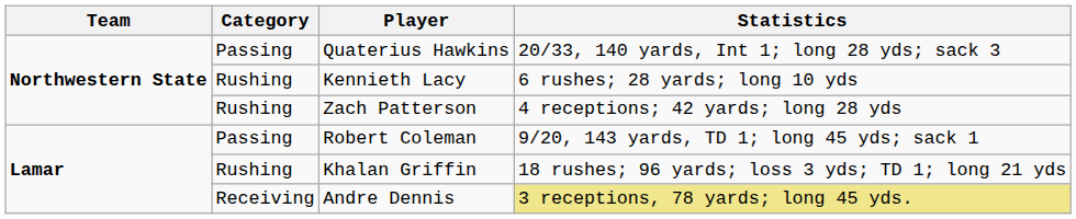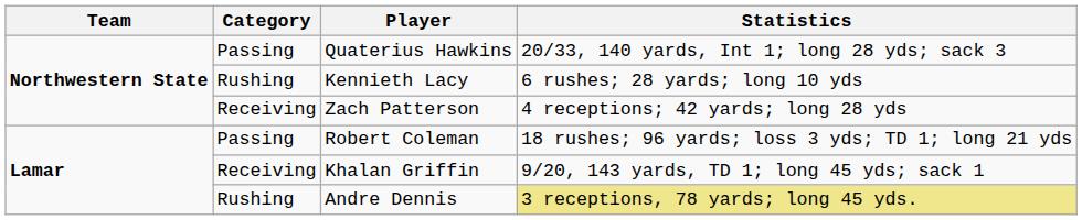 <table class="wikitable" style="float: right;">
 <tr>
 <th>Team</th>
 <th>Category</th>
 <th>Player</th>
 <th>Statistics</th>
 </tr>
 <tr>
 <td rowspan=3><strong>Northwestern State</strong></td>
 <td>Passing</td>
 <td>Quaterius Hawkins</td>
 <td>20/33, 140 yards, Int 1; long 28 yds; sack 3</td>
 </tr>
 <tr>
 <td>Rushing</td>
 <td>Kennieth Lacy</td>
 <td>6 rushes; 28 yards; long 10 yds</td>
 </tr>
 <tr>
-<td>Rushing</td>
+<td>Receiving</td>
 <td>Zach Patterson</td>
 <td>4 receptions; 42 yards; long 28 yds</td>
 </tr>
 <tr>
 <td rowspan=3><strong>Lamar</strong></td>
 <td>Passing</td>
 <td>Robert Coleman</td>
+<td>18 rushes; 96 yards; loss 3 yds;  TD 1; long 21 yds</td>
+</tr>
+<tr>
+<td>Receiving</td>
+<td>Khalan Griffin</td>
 <td>9/20, 143 yards, TD 1; long 45 yds; sack 1</td>
 </tr>
 <tr>
 <td>Rushing</td>
-<td>Khalan Griffin</td>
-<td>18 rushes; 96 yards; loss 3 yds;  TD 1; long 21 yds</td>
-</tr>
-<tr>
-<td>Receiving</td>
 <td>Andre Dennis</td>
 <td style="background: khaki;">3 receptions, 78 yards; long 45 yds.</td>
 </tr>
 </table>
